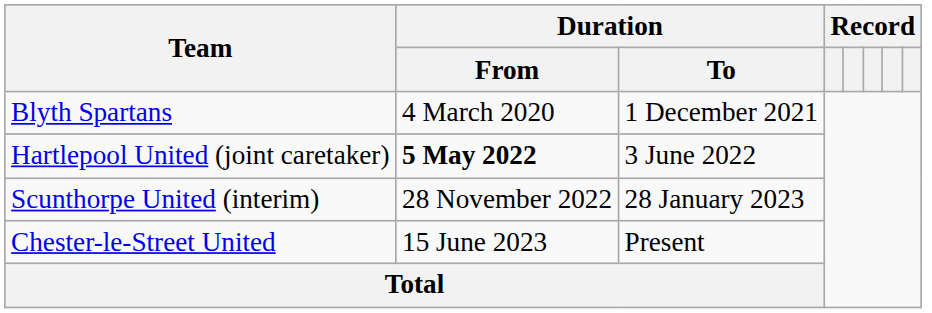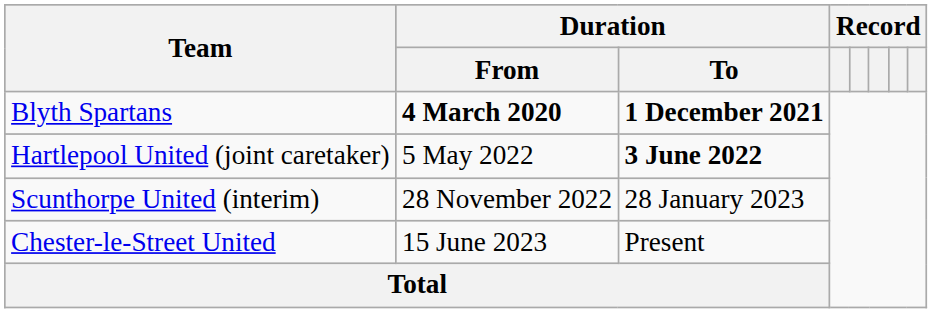 <table class="wikitable unsortable plainrowheaders" style=text-align:center>
 <tr>
 <th rowspan=2>Team</th>
 <th colspan=2>Duration</th>
 <th colspan=5>Record</th>
 </tr>
 <tr>
 <th>From</th>
 <th>To</th>
 <th></th>
 <th></th>
 <th></th>
 <th></th>
 <th></th>
 </tr>
 <tr>
 <td align=left><a href='#'>Blyth Spartans</a></td>
-<td align=left>4 March 2020</td>
-<td align=left>1 December 2021<br></td>
+<td align=left><strong>4 March 2020</strong></td>
+<td align=left><strong>1 December 2021<br></strong></td>
 </tr>
 <tr>
 <td align=left><a href='#'>Hartlepool United</a> (joint caretaker)</td>
-<td align=left><strong>5 May 2022</strong></td>
-<td align=left>3 June 2022<br></td>
+<td align=left>5 May 2022</td>
+<td align=left><strong>3 June 2022<br></strong></td>
 </tr>
 <tr>
 <td align=left><a href='#'>Scunthorpe United</a> (interim)</td>
 <td align=left>28 November 2022</td>
 <td align=left>28 January 2023<br></td>
 </tr>
 <tr>
 <td align=left><a href='#'>Chester-le-Street United</a></td>
 <td align=left>15 June 2023</td>
 <td align=left>Present<br></td>
 </tr>
 <tr>
 <th colspan=3>Total<br></th>
 </tr>
 </table>
